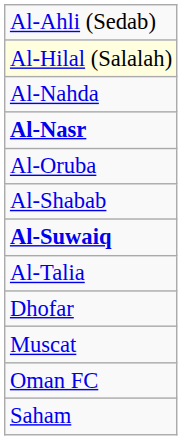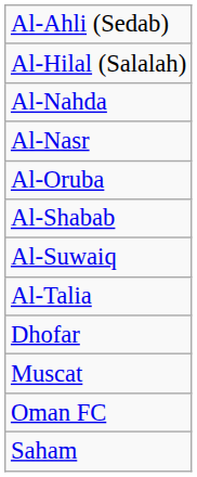 <table class="wikitable">
 <tr>
 <td><a href='#'>Al-Ahli</a> (Sedab)</td>
 </tr>
 <tr>
-<td style="background: lightyellow;"><a href='#'>Al-Hilal</a> (Salalah)</td>
+<td><a href='#'>Al-Hilal</a> (Salalah)</td>
 </tr>
 <tr>
 <td><a href='#'>Al-Nahda</a></td>
 </tr>
 <tr>
-<td><strong><a href='#'>Al-Nasr</a></strong></td>
+<td><a href='#'>Al-Nasr</a></td>
 </tr>
 <tr>
 <td><a href='#'>Al-Oruba</a></td>
 </tr>
 <tr>
 <td><a href='#'>Al-Shabab</a></td>
 </tr>
 <tr>
-<td><strong><a href='#'>Al-Suwaiq</a></strong></td>
+<td><a href='#'>Al-Suwaiq</a></td>
 </tr>
 <tr>
 <td><a href='#'>Al-Talia</a></td>
 </tr>
 <tr>
 <td><a href='#'>Dhofar</a></td>
 </tr>
 <tr>
 <td><a href='#'>Muscat</a></td>
 </tr>
 <tr>
 <td><a href='#'>Oman FC</a></td>
 </tr>
 <tr>
 <td><a href='#'>Saham</a></td>
 </tr>
 </table>
